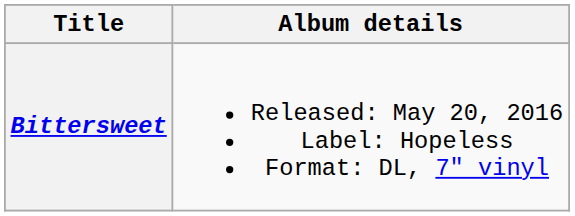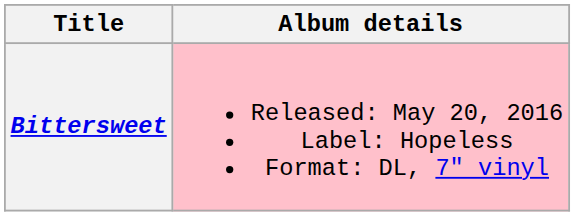 <table class="wikitable plainrowheaders" style="text-align:center;">
 <tr>
 <th scope="col" rowspan="1">Title</th>
 <th scope="col" rowspan="1">Album details</th>
 </tr>
 <tr>
 <th scope="row"><a href='#'><em>Bittersweet</em></a></th>
-<td><br><ul><li>Released: May 20, 2016</li><li>Label: Hopeless</li><li>Format: DL, <a href='#'>7" vinyl</a></li></ul></td>
+<td style="background: pink;"><br><ul><li>Released: May 20, 2016</li><li>Label: Hopeless</li><li>Format: DL, <a href='#'>7" vinyl</a></li></ul></td>
 </tr>
 </table>
